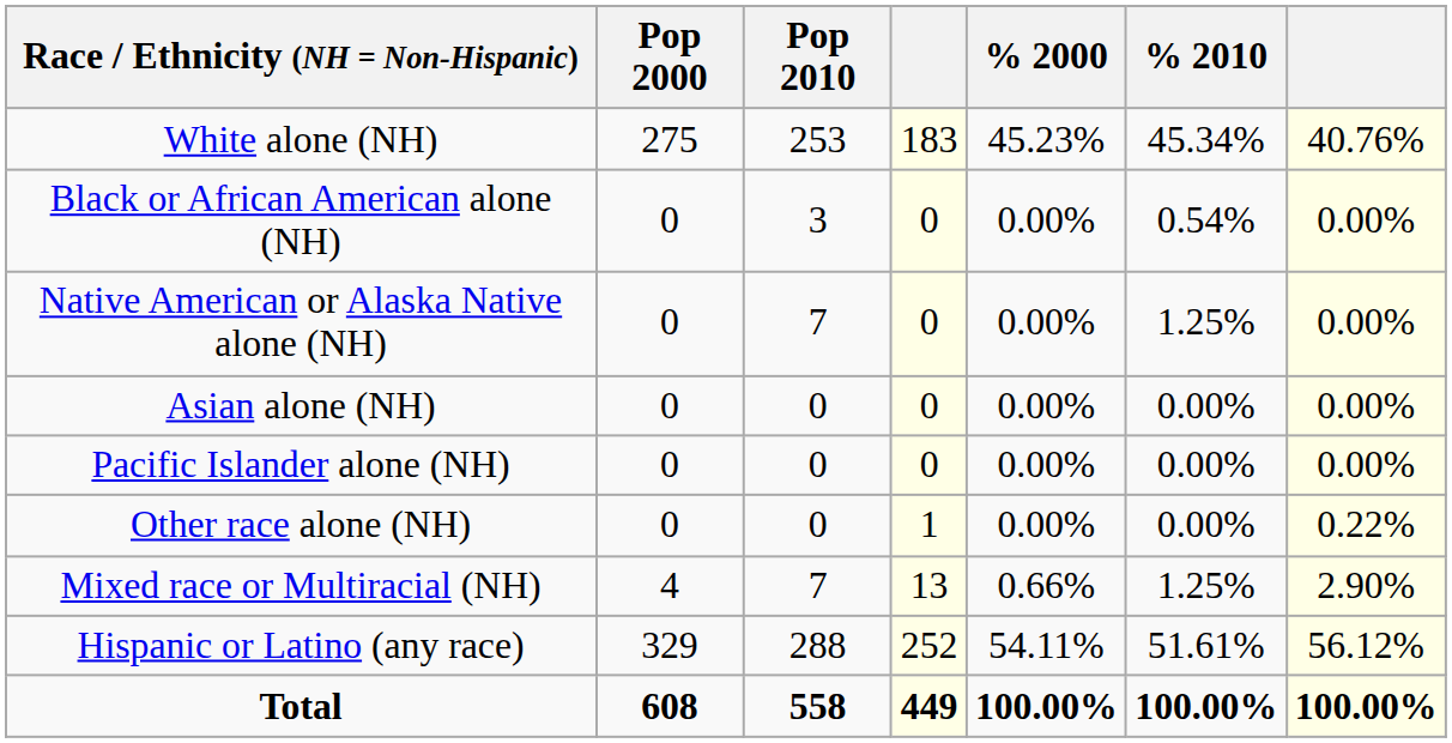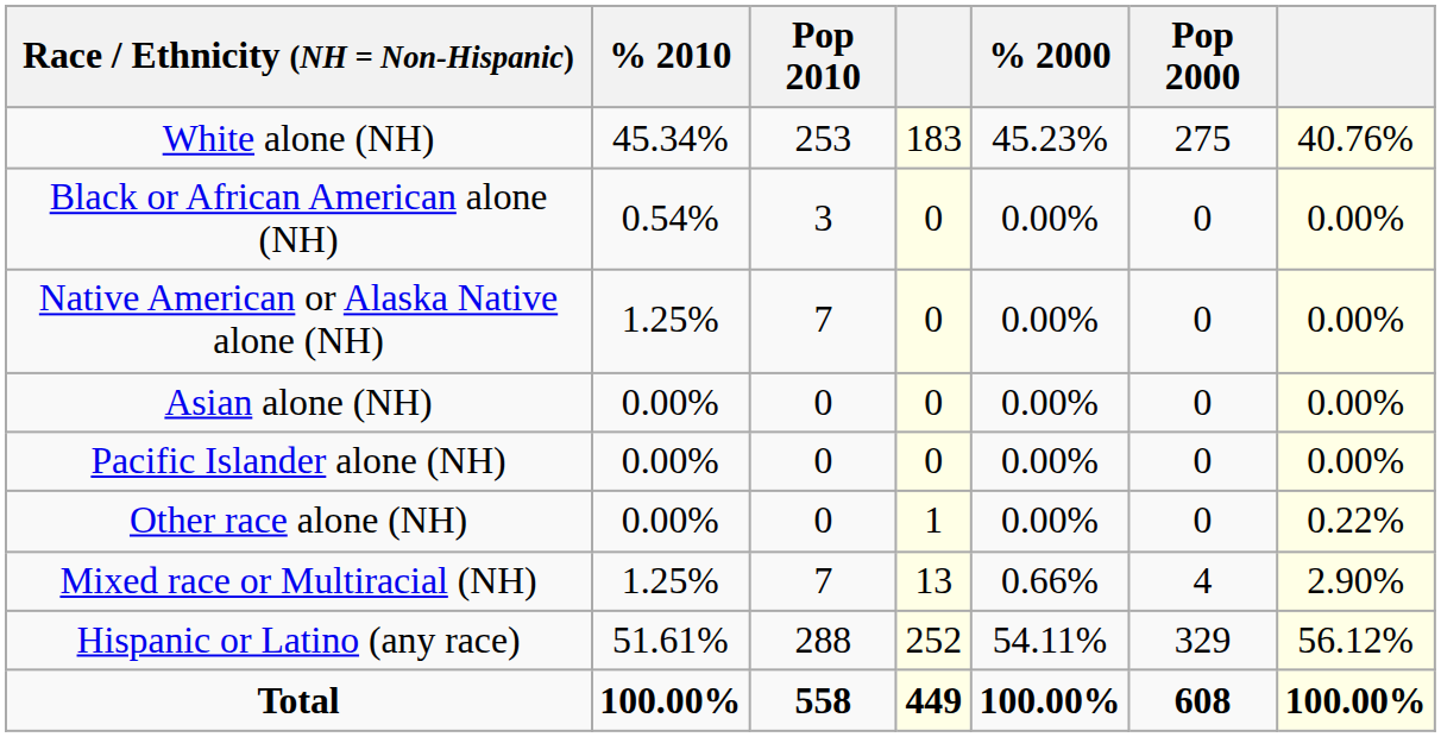 <table class="wikitable" style="text-align:center;">
 <tr>
 <th>Race / Ethnicity <small>(<em>NH = Non-Hispanic</em>)</small></th>
-<th>Pop 2000</th>
+<th>% 2010</th>
 <th>Pop 2010</th>
 <th></th>
 <th>% 2000</th>
-<th>% 2010</th>
+<th>Pop 2000</th>
 <th></th>
 </tr>
 <tr>
 <td><a href='#'>White</a> alone (NH)</td>
-<td>275</td>
+<td>45.34%</td>
 <td>253</td>
 <td style='background: #ffffe6;'>183</td>
 <td>45.23%</td>
-<td>45.34%</td>
+<td>275</td>
 <td style='background: #ffffe6;'>40.76%</td>
 </tr>
 <tr>
 <td><a href='#'>Black or African American</a> alone (NH)</td>
-<td>0</td>
+<td>0.54%</td>
 <td>3</td>
 <td style='background: #ffffe6;'>0</td>
 <td>0.00%</td>
-<td>0.54%</td>
+<td>0</td>
 <td style='background: #ffffe6;'>0.00%</td>
 </tr>
 <tr>
 <td><a href='#'>Native American</a> or <a href='#'>Alaska Native</a> alone (NH)</td>
-<td>0</td>
+<td>1.25%</td>
 <td>7</td>
 <td style='background: #ffffe6;'>0</td>
 <td>0.00%</td>
-<td>1.25%</td>
+<td>0</td>
 <td style='background: #ffffe6;'>0.00%</td>
 </tr>
 <tr>
 <td><a href='#'>Asian</a> alone (NH)</td>
-<td>0</td>
+<td>0.00%</td>
 <td>0</td>
 <td style='background: #ffffe6;'>0</td>
 <td>0.00%</td>
-<td>0.00%</td>
+<td>0</td>
 <td style='background: #ffffe6;'>0.00%</td>
 </tr>
 <tr>
 <td><a href='#'>Pacific Islander</a> alone (NH)</td>
-<td>0</td>
+<td>0.00%</td>
 <td>0</td>
 <td style='background: #ffffe6;'>0</td>
 <td>0.00%</td>
-<td>0.00%</td>
+<td>0</td>
 <td style='background: #ffffe6;'>0.00%</td>
 </tr>
 <tr>
 <td><a href='#'>Other race</a> alone (NH)</td>
-<td>0</td>
+<td>0.00%</td>
 <td>0</td>
 <td style='background: #ffffe6;'>1</td>
 <td>0.00%</td>
-<td>0.00%</td>
+<td>0</td>
 <td style='background: #ffffe6;'>0.22%</td>
 </tr>
 <tr>
 <td><a href='#'>Mixed race or Multiracial</a> (NH)</td>
-<td>4</td>
+<td>1.25%</td>
 <td>7</td>
 <td style='background: #ffffe6;'>13</td>
 <td>0.66%</td>
-<td>1.25%</td>
+<td>4</td>
 <td style='background: #ffffe6;'>2.90%</td>
 </tr>
 <tr>
 <td><a href='#'>Hispanic or Latino</a> (any race)</td>
-<td>329</td>
+<td>51.61%</td>
 <td>288</td>
 <td style='background: #ffffe6;'>252</td>
 <td>54.11%</td>
-<td>51.61%</td>
+<td>329</td>
 <td style='background: #ffffe6;'>56.12%</td>
 </tr>
 <tr>
 <td><strong>Total</strong></td>
-<td><strong>608</strong></td>
+<td><strong>100.00%</strong></td>
 <td><strong>558</strong></td>
 <td style='background: #ffffe6;'><strong>449</strong></td>
 <td><strong>100.00%</strong></td>
-<td><strong>100.00%</strong></td>
+<td><strong>608</strong></td>
 <td style='background: #ffffe6;'><strong>100.00%</strong></td>
 </tr>
 </table>
